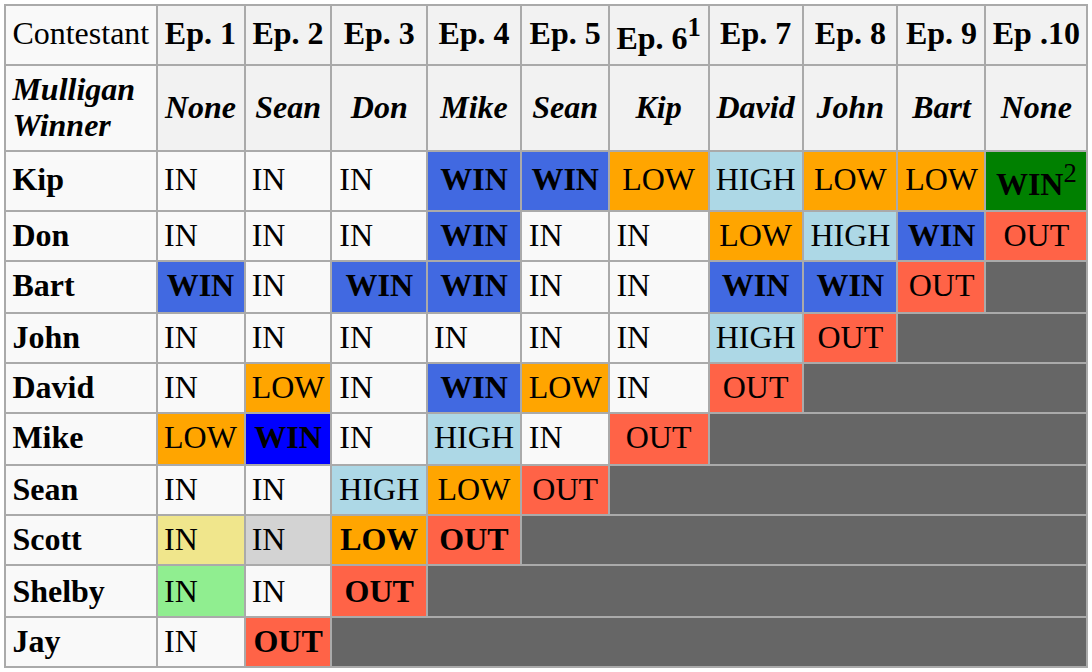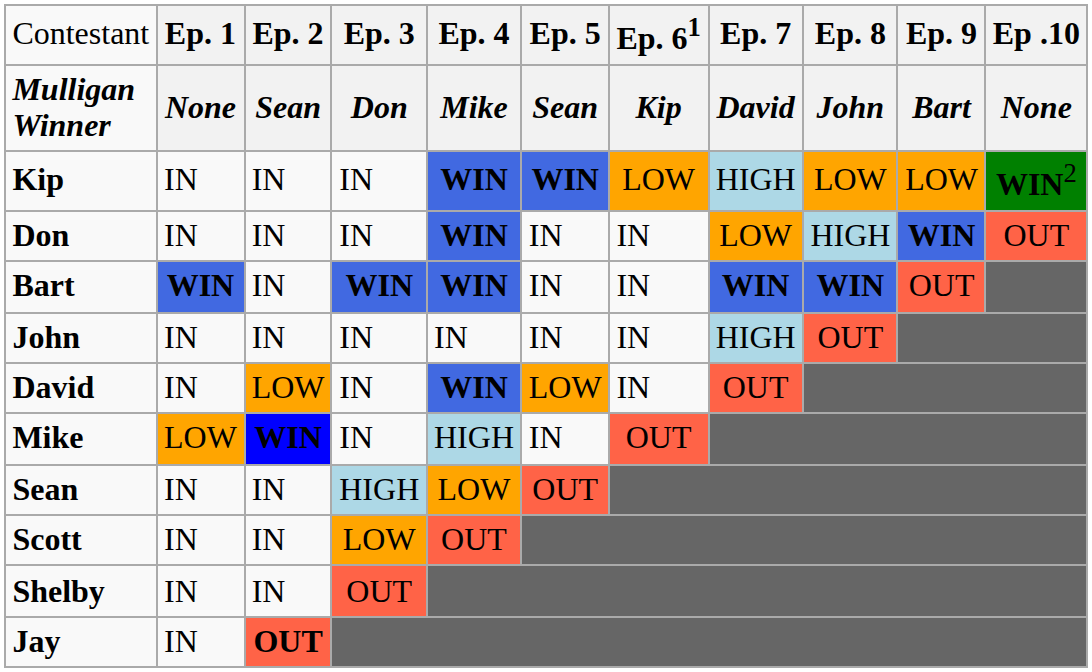 <table class="wikitable">
 <tr>
 <td align="center">Contestant</td>
 <th>Ep. 1</th>
 <th>Ep. 2</th>
 <th>Ep. 3</th>
 <th>Ep. 4</th>
 <th>Ep. 5</th>
 <th>Ep. 6<sup>1</sup></th>
 <th>Ep. 7</th>
 <th>Ep. 8</th>
 <th>Ep. 9</th>
 <th>Ep .10</th>
 </tr>
 <tr>
 <td><strong><em>Mulligan</em></strong><br><strong><em>Winner</em></strong></td>
 <th><em>None</em></th>
 <th><em>Sean</em></th>
 <th><em>Don</em></th>
 <th><em>Mike</em></th>
 <th><em>Sean</em></th>
 <th><em>Kip</em></th>
 <th><em>David</em></th>
 <th><em>John</em></th>
 <th><em>Bart</em></th>
 <th><em>None</em></th>
 </tr>
 <tr>
 <td><strong>Kip</strong></td>
 <td>IN</td>
 <td>IN</td>
 <td>IN</td>
 <td align="center" style="background:royalblue;"><strong>WIN</strong></td>
 <td align="center" style="background:royalblue;"><strong>WIN</strong></td>
 <td align="center" style="background:orange;">LOW</td>
 <td align="center" style="background:lightblue;">HIGH</td>
 <td align="center" style="background:orange;">LOW</td>
 <td align="center" style="background:orange;">LOW</td>
 <td align="center" style="background:green;"><strong>WIN</strong><sup>2</sup></td>
 </tr>
 <tr>
 <td><strong>Don</strong></td>
 <td>IN</td>
 <td>IN</td>
 <td>IN</td>
 <td align="center" style="background:royalblue;"><strong>WIN</strong></td>
 <td>IN</td>
 <td>IN</td>
 <td align="center" style="background:orange;">LOW</td>
 <td align="center" style="background:lightblue;">HIGH</td>
 <td align="center" style="background:royalblue;"><strong>WIN</strong></td>
 <td align="center" style="background:tomato;">OUT</td>
 </tr>
 <tr>
 <td><strong>Bart</strong></td>
 <td align="center" style="background:royalblue;"><strong>WIN</strong></td>
 <td>IN</td>
 <td align="center" style="background:royalblue;"><strong>WIN</strong></td>
 <td align="center" style="background:royalblue;"><strong>WIN</strong></td>
 <td>IN</td>
 <td>IN</td>
 <td align="center" style="background:royalblue;"><strong>WIN</strong></td>
 <td align="center" style="background:royalblue;"><strong>WIN</strong></td>
 <td align="center" style="background:tomato;">OUT</td>
 <td colspan="2" style="background:#666666;"></td>
 </tr>
 <tr>
 <td><strong>John</strong></td>
 <td>IN</td>
 <td>IN</td>
 <td>IN</td>
 <td>IN</td>
 <td>IN</td>
 <td>IN</td>
 <td align="center" style="background:lightblue;">HIGH</td>
 <td align="center" style="background:tomato;">OUT</td>
 <td colspan="3" style="background:#666666;"></td>
 </tr>
 <tr>
 <td><strong>David</strong></td>
 <td>IN</td>
 <td align="center" style="background:orange;">LOW</td>
 <td>IN</td>
 <td align="center" style="background:royalblue;"><strong>WIN</strong></td>
 <td align="center" style="background:orange;">LOW</td>
 <td>IN</td>
 <td align="center" style="background:tomato;">OUT</td>
 <td colspan="4" style="background:#666666;"></td>
 </tr>
 <tr>
 <td><strong>Mike</strong></td>
 <td align="center" style="background:orange;">LOW</td>
 <td align="center" style="background:blue;"><strong>WIN</strong></td>
 <td>IN</td>
 <td align="center" style="background:lightblue;">HIGH</td>
 <td>IN</td>
 <td align="center" style="background:tomato;">OUT</td>
 <td colspan="5" style="background:#666666;"></td>
 </tr>
 <tr>
 <td><strong>Sean</strong></td>
 <td>IN</td>
 <td>IN</td>
 <td align="center" style="background:lightblue;">HIGH</td>
 <td align="center" style="background:orange;">LOW</td>
 <td align="center" style="background:tomato;">OUT</td>
 <td colspan="6" style="background:#666666;"></td>
 </tr>
 <tr>
 <td><strong>Scott</strong></td>
-<td style="background: khaki;">IN</td>
-<td style="background: lightgrey;">IN</td>
-<td align="center" style="background:orange;"><strong>LOW</strong></td>
-<td align="center" style="background:tomato;"><strong>OUT</strong></td>
+<td>IN</td>
+<td>IN</td>
+<td align="center" style="background:orange;">LOW</td>
+<td align="center" style="background:tomato;">OUT</td>
 <td colspan="7" style="background:#666666;"></td>
 </tr>
 <tr>
 <td><strong>Shelby</strong></td>
-<td style="background: lightgreen;">IN</td>
 <td>IN</td>
-<td align="center" style="background:tomato;"><strong>OUT</strong></td>
+<td>IN</td>
+<td align="center" style="background:tomato;">OUT</td>
 <td colspan="8" style="background:#666666;"></td>
 </tr>
 <tr>
 <td><strong>Jay</strong></td>
 <td>IN</td>
 <td align="center" style="background:tomato;"><strong>OUT</strong></td>
 <td colspan="9" style="background:#666666;"></td>
 </tr>
 </table>
